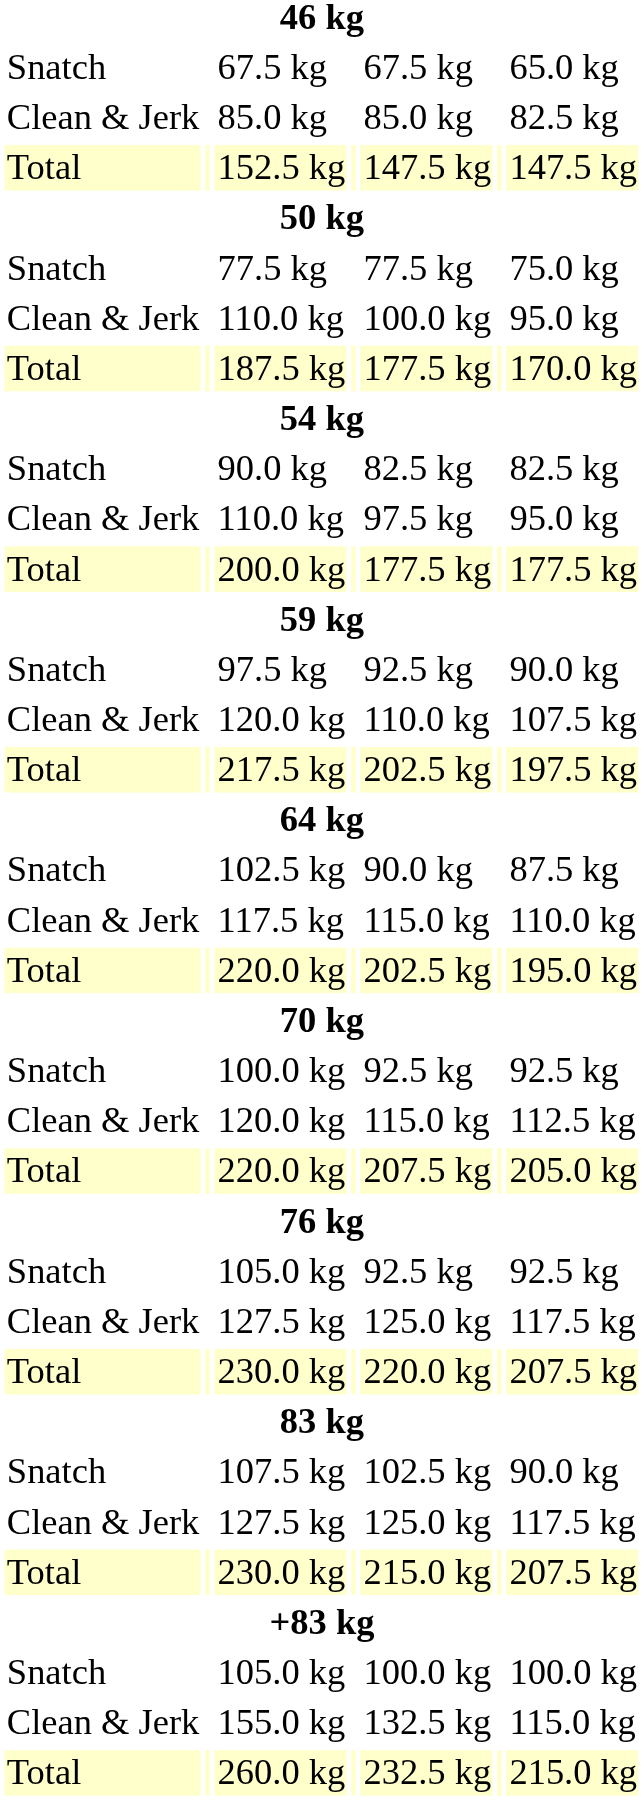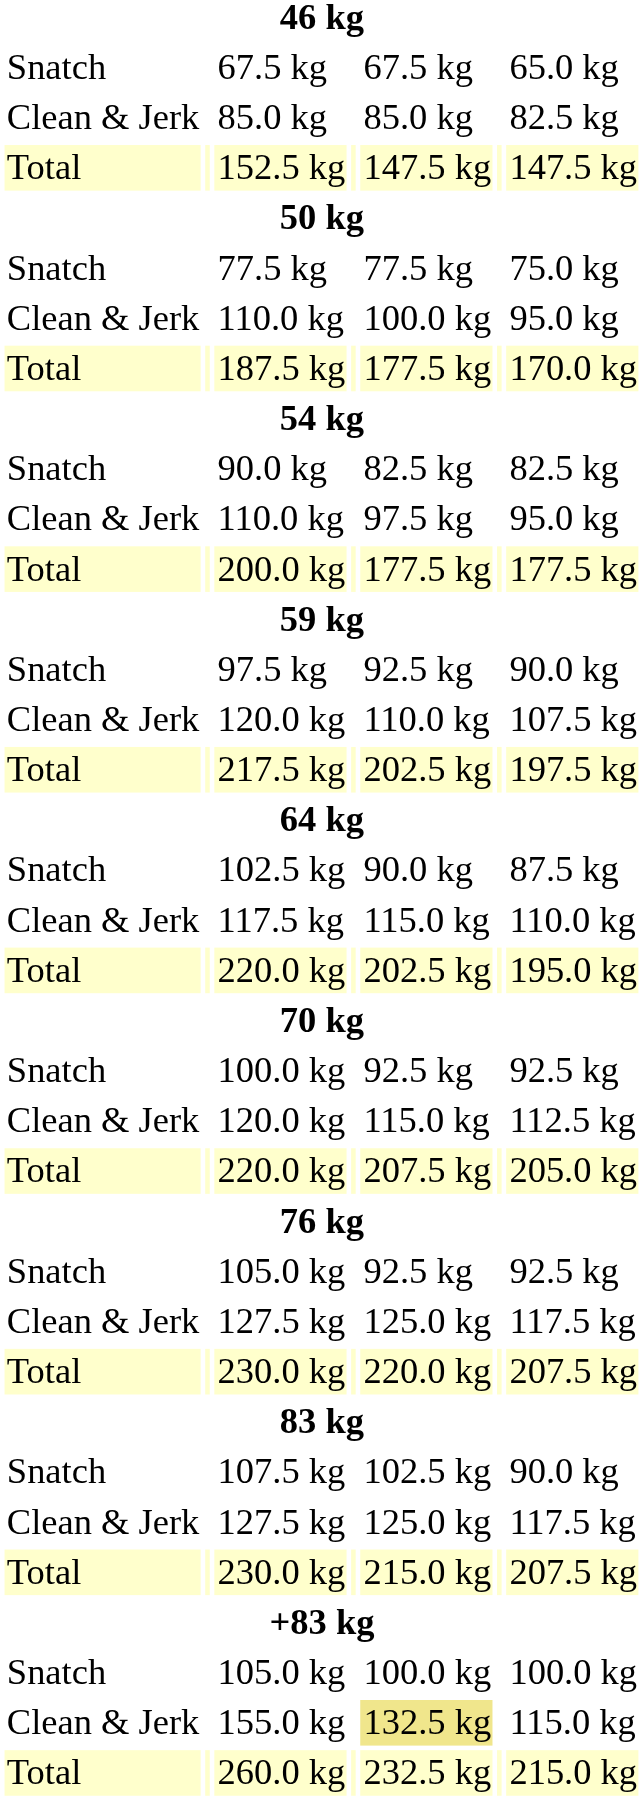 <table>
 <tr>
 <th colspan=7>46 kg</th>
 </tr>
 <tr>
 <td>Snatch</td>
 <td></td>
 <td>67.5 kg</td>
 <td></td>
 <td>67.5 kg</td>
 <td></td>
 <td>65.0 kg</td>
 </tr>
 <tr>
 <td>Clean & Jerk</td>
 <td></td>
 <td>85.0 kg</td>
 <td></td>
 <td>85.0 kg<br></td>
 <td></td>
 <td>82.5 kg</td>
 </tr>
 <tr bgcolor=#ffffcc>
 <td>Total</td>
 <td></td>
 <td>152.5 kg<br></td>
 <td></td>
 <td>147.5 kg</td>
 <td></td>
 <td>147.5 kg</td>
 </tr>
 <tr>
 <th colspan=7>50 kg</th>
 </tr>
 <tr>
 <td>Snatch</td>
 <td></td>
 <td>77.5 kg</td>
 <td></td>
 <td>77.5 kg<br></td>
 <td></td>
 <td>75.0 kg</td>
 </tr>
 <tr>
 <td>Clean & Jerk</td>
 <td></td>
 <td>110.0 kg<br></td>
 <td></td>
 <td>100.0 kg</td>
 <td></td>
 <td>95.0 kg</td>
 </tr>
 <tr bgcolor=#ffffcc>
 <td>Total</td>
 <td></td>
 <td>187.5 kg<br></td>
 <td></td>
 <td>177.5 kg</td>
 <td></td>
 <td>170.0 kg</td>
 </tr>
 <tr>
 <th colspan=7>54 kg</th>
 </tr>
 <tr>
 <td>Snatch</td>
 <td></td>
 <td>90.0 kg<br></td>
 <td></td>
 <td>82.5 kg</td>
 <td></td>
 <td>82.5 kg</td>
 </tr>
 <tr>
 <td>Clean & Jerk</td>
 <td></td>
 <td>110.0 kg<br></td>
 <td></td>
 <td>97.5 kg</td>
 <td></td>
 <td>95.0 kg</td>
 </tr>
 <tr bgcolor=#ffffcc>
 <td>Total</td>
 <td></td>
 <td>200.0 kg<br></td>
 <td></td>
 <td>177.5 kg</td>
 <td></td>
 <td>177.5 kg</td>
 </tr>
 <tr>
 <th colspan=7>59 kg</th>
 </tr>
 <tr>
 <td>Snatch</td>
 <td></td>
 <td>97.5 kg<br></td>
 <td></td>
 <td>92.5 kg</td>
 <td></td>
 <td>90.0 kg</td>
 </tr>
 <tr>
 <td>Clean & Jerk</td>
 <td></td>
 <td>120.0 kg<br></td>
 <td></td>
 <td>110.0 kg</td>
 <td></td>
 <td>107.5 kg</td>
 </tr>
 <tr bgcolor=#ffffcc>
 <td>Total</td>
 <td></td>
 <td>217.5 kg<br></td>
 <td></td>
 <td>202.5 kg</td>
 <td></td>
 <td>197.5 kg</td>
 </tr>
 <tr>
 <th colspan=7>64 kg</th>
 </tr>
 <tr>
 <td>Snatch</td>
 <td></td>
 <td>102.5 kg<br></td>
 <td></td>
 <td>90.0 kg</td>
 <td></td>
 <td>87.5 kg</td>
 </tr>
 <tr>
 <td>Clean & Jerk</td>
 <td></td>
 <td>117.5 kg<br></td>
 <td></td>
 <td>115.0 kg</td>
 <td></td>
 <td>110.0 kg</td>
 </tr>
 <tr bgcolor=#ffffcc>
 <td>Total</td>
 <td></td>
 <td>220.0 kg<br></td>
 <td></td>
 <td>202.5 kg</td>
 <td></td>
 <td>195.0 kg</td>
 </tr>
 <tr>
 <th colspan=7>70 kg</th>
 </tr>
 <tr>
 <td>Snatch</td>
 <td></td>
 <td>100.0 kg<br></td>
 <td></td>
 <td>92.5 kg</td>
 <td></td>
 <td>92.5 kg</td>
 </tr>
 <tr>
 <td>Clean & Jerk</td>
 <td></td>
 <td>120.0 kg<br></td>
 <td></td>
 <td>115.0 kg</td>
 <td></td>
 <td>112.5 kg</td>
 </tr>
 <tr bgcolor=#ffffcc>
 <td>Total</td>
 <td></td>
 <td>220.0 kg<br></td>
 <td></td>
 <td>207.5 kg</td>
 <td></td>
 <td>205.0 kg</td>
 </tr>
 <tr>
 <th colspan=7>76 kg</th>
 </tr>
 <tr>
 <td>Snatch</td>
 <td></td>
 <td>105.0 kg<br></td>
 <td></td>
 <td>92.5 kg</td>
 <td></td>
 <td>92.5 kg</td>
 </tr>
 <tr>
 <td>Clean & Jerk</td>
 <td></td>
 <td>127.5 kg<br></td>
 <td></td>
 <td>125.0 kg</td>
 <td></td>
 <td>117.5 kg</td>
 </tr>
 <tr bgcolor=#ffffcc>
 <td>Total</td>
 <td></td>
 <td>230.0 kg<br></td>
 <td></td>
 <td>220.0 kg</td>
 <td></td>
 <td>207.5 kg</td>
 </tr>
 <tr>
 <th colspan=7>83 kg</th>
 </tr>
 <tr>
 <td>Snatch</td>
 <td></td>
 <td>107.5 kg<br></td>
 <td></td>
 <td>102.5 kg</td>
 <td></td>
 <td>90.0 kg</td>
 </tr>
 <tr>
 <td>Clean & Jerk</td>
 <td></td>
 <td>127.5 kg<br></td>
 <td></td>
 <td>125.0 kg</td>
 <td></td>
 <td>117.5 kg</td>
 </tr>
 <tr bgcolor=#ffffcc>
 <td>Total</td>
 <td></td>
 <td>230.0 kg<br></td>
 <td></td>
 <td>215.0 kg</td>
 <td></td>
 <td>207.5 kg</td>
 </tr>
 <tr>
 <th colspan=7>+83 kg</th>
 </tr>
 <tr>
 <td>Snatch</td>
 <td></td>
 <td>105.0 kg<br></td>
 <td></td>
 <td>100.0 kg</td>
 <td></td>
 <td>100.0 kg</td>
 </tr>
 <tr>
 <td>Clean & Jerk</td>
 <td></td>
 <td>155.0 kg<br></td>
 <td></td>
-<td>132.5 kg</td>
+<td style="background: khaki;">132.5 kg</td>
 <td></td>
 <td>115.0 kg</td>
 </tr>
 <tr bgcolor=#ffffcc>
 <td>Total</td>
 <td></td>
 <td>260.0 kg<br></td>
 <td></td>
 <td>232.5 kg</td>
 <td></td>
 <td>215.0 kg</td>
 </tr>
 </table>
